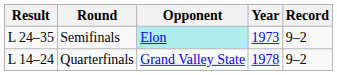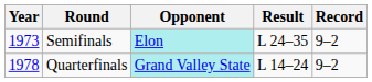 <table class="wikitable">
 <tr>
-<th width=px>Result</th>
+<th width=px>Year</th>
 <th width=px>Round</th>
 <th width=px>Opponent</th>
-<th width=px>Year</th>
+<th width=px>Result</th>
 <th width=px>Record</th>
 </tr>
 <tr>
-<td>L 24–35</td>
+<td><a href='#'>1973</a></td>
 <td>Semifinals</td>
 <td style="background: paleturquoise;"><a href='#'>Elon</a></td>
-<td><a href='#'>1973</a></td>
+<td>L 24–35</td>
 <td>9–2</td>
 </tr>
 <tr>
+<td><a href='#'>1978</a></td>
+<td>Quarterfinals</td>
+<td style="background: paleturquoise;"><a href='#'>Grand Valley State</a></td>
 <td>L 14–24</td>
-<td>Quarterfinals</td>
-<td><a href='#'>Grand Valley State</a></td>
-<td><a href='#'>1978</a></td>
 <td>9–2</td>
 </tr>
 </table>
